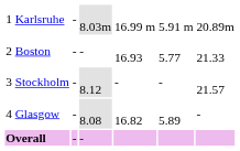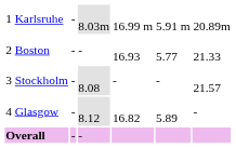 <table>
 <tr>
 <td>1</td>
 <td align=left><a href='#'>Karlsruhe</a></td>
 <td> -</td>
 <td bgcolor=#e2e2e2> <br> 8.03m</td>
 <td> <br> 16.99 m</td>
 <td> <br> 5.91 m</td>
 <td> <br> 20.89m</td>
 </tr>
 <tr>
 <td>2</td>
 <td align=left><a href='#'>Boston</a></td>
 <td> -</td>
 <td> -</td>
 <td> <br>16.93</td>
 <td>  <br> 5.77</td>
 <td> <br> 21.33</td>
 </tr>
 <tr>
 <td>3</td>
 <td align=left><a href='#'>Stockholm</a></td>
 <td> -</td>
-<td bgcolor=#e2e2e2> <br> 8.12</td>
+<td bgcolor=#e2e2e2> <br> 8.08</td>
 <td> -</td>
 <td> -</td>
 <td> <br>21.57</td>
 </tr>
 <tr>
 <td>4</td>
 <td align=left><a href='#'>Glasgow</a></td>
 <td> -</td>
-<td bgcolor=#e2e2e2> <br> 8.08</td>
+<td bgcolor=#e2e2e2> <br> 8.12</td>
 <td> <br>16.82</td>
 <td> <br> 5.89</td>
 <td> -</td>
 </tr>
 <tr bgcolor=#eebbee>
 <td colspan="2"><strong>Overall</strong></td>
 <td>-</td>
 <td>-</td>
 <td> <strong></strong></td>
 <td> <strong></strong></td>
 <td> <strong></strong></td>
 </tr>
 </table>
